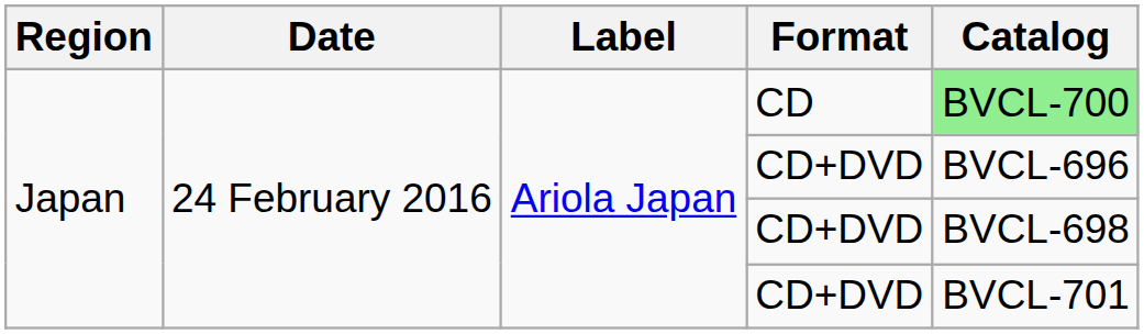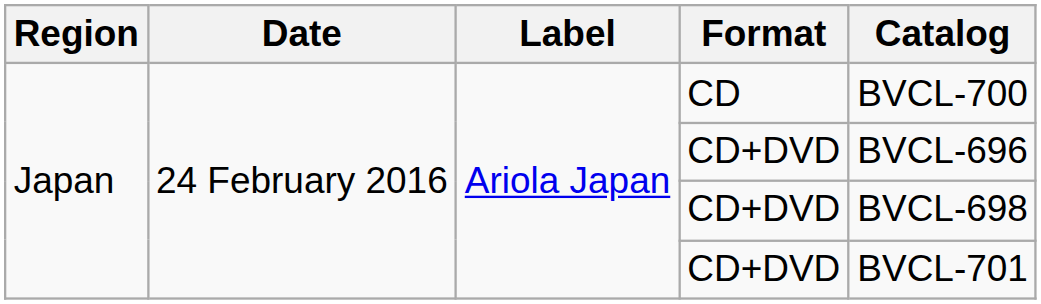 <table class="wikitable">
 <tr>
 <th>Region</th>
 <th>Date</th>
 <th>Label</th>
 <th>Format</th>
 <th>Catalog</th>
 </tr>
 <tr>
 <td rowspan="4">Japan</td>
 <td rowspan="4">24 February 2016</td>
 <td rowspan="4"><a href='#'>Ariola Japan</a></td>
 <td>CD</td>
-<td style="background: lightgreen;">BVCL-700</td>
+<td>BVCL-700</td>
 </tr>
 <tr>
 <td>CD+DVD</td>
 <td>BVCL-696</td>
 </tr>
 <tr>
 <td>CD+DVD</td>
 <td>BVCL-698</td>
 </tr>
 <tr>
 <td>CD+DVD</td>
 <td>BVCL-701</td>
 </tr>
 </table>
